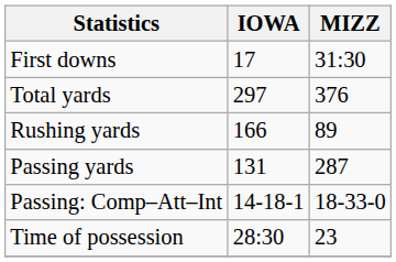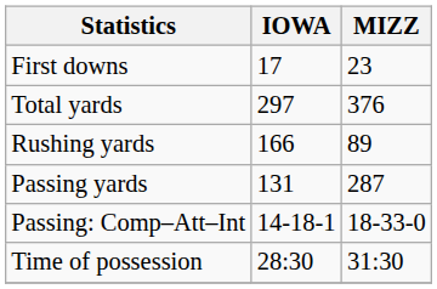 <table class="wikitable" style="float: left;">
 <tr>
 <th>Statistics</th>
 <th>IOWA</th>
 <th>MIZZ</th>
 </tr>
 <tr>
 <td>First downs</td>
 <td>17</td>
-<td>31:30</td>
+<td>23</td>
 </tr>
 <tr>
 <td>Total yards</td>
 <td>297</td>
 <td>376</td>
 </tr>
 <tr>
 <td>Rushing yards</td>
 <td>166</td>
 <td>89</td>
 </tr>
 <tr>
 <td>Passing yards</td>
 <td>131</td>
 <td>287</td>
 </tr>
 <tr>
 <td>Passing: Comp–Att–Int</td>
 <td>14-18-1</td>
 <td>18-33-0</td>
 </tr>
 <tr>
 <td>Time of possession</td>
 <td>28:30</td>
-<td>23</td>
+<td>31:30</td>
 </tr>
 <tr>
 </tr>
 </table>
